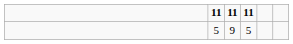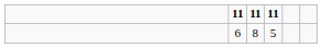 <table class="wikitable">
 <tr>
 <td style="width:18em"></td>
 <td align=center style="width:1em"><strong>11</strong></td>
 <td align=center style="width:1em"><strong>11</strong></td>
 <td align=center style="width:1em"><strong>11</strong></td>
 <td align=center style="width:1em"></td>
 <td align=center style="width:1em"></td>
 </tr>
 <tr>
 <td style="width:18em"></td>
-<td align=center style="width:1em">5</td>
-<td align=center style="width:1em">9</td>
+<td align=center style="width:1em">6</td>
+<td align=center style="width:1em">8</td>
 <td align=center style="width:1em">5</td>
 <td align=center style="width:1em"></td>
 <td align=center style="width:1em"></td>
 </tr>
 </table>
